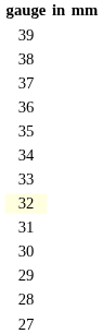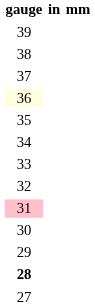 <table cellspacing="4" style="text-align:center">
 <tr>
 <th>gauge</th>
 <th>in</th>
 <th>mm</th>
 </tr>
 <tr>
 <td>39</td>
 <td></td>
 </tr>
 <tr>
 <td>38</td>
 <td></td>
 </tr>
 <tr>
 <td>37</td>
 <td></td>
 </tr>
 <tr>
-<td>36</td>
+<td style="background: lightyellow;">36</td>
 <td></td>
 </tr>
 <tr>
 <td>35</td>
 <td></td>
 </tr>
 <tr>
 <td>34</td>
 <td></td>
 </tr>
 <tr>
 <td>33</td>
 <td></td>
 </tr>
 <tr>
-<td style="background: lightyellow;">32</td>
+<td>32</td>
 <td></td>
 </tr>
 <tr>
-<td>31</td>
+<td style="background: pink;">31</td>
 <td></td>
 </tr>
 <tr>
 <td>30</td>
 <td></td>
 </tr>
 <tr>
 <td>29</td>
 <td></td>
 </tr>
 <tr>
-<td>28</td>
+<td><strong>28</strong></td>
 <td></td>
 </tr>
 <tr>
 <td>27</td>
 <td></td>
 </tr>
 </table>
